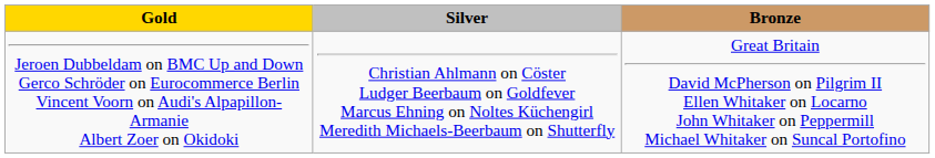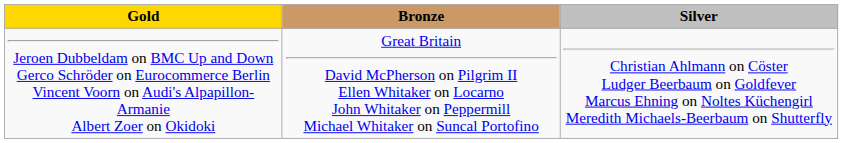 <table class="wikitable">
 <tr>
 <th width=285 style="background:gold">Gold</th>
+<th width=285 style="background:#cc9966">Bronze</th>
 <th width=285 style="background:silver">Silver</th>
-<th width=285 style="background:#cc9966">Bronze</th>
 </tr>
 <tr>
 <td align="center"><hr><a href='#'>Jeroen Dubbeldam</a> on <a href='#'>BMC Up and Down</a><br><a href='#'>Gerco Schröder</a> on <a href='#'>Eurocommerce Berlin</a><br><a href='#'>Vincent Voorn</a> on <a href='#'>Audi's Alpapillon-Armanie</a><br><a href='#'>Albert Zoer</a> on <a href='#'>Okidoki</a></td>
+<td align="center"> <a href='#'>Great Britain</a><hr><a href='#'>David McPherson</a> on <a href='#'>Pilgrim II</a><br><a href='#'>Ellen Whitaker</a> on <a href='#'>Locarno</a><br><a href='#'>John Whitaker</a> on <a href='#'>Peppermill</a><br><a href='#'>Michael Whitaker</a> on <a href='#'>Suncal Portofino</a></td>
 <td align="center"><hr><a href='#'>Christian Ahlmann</a> on <a href='#'>Cöster</a><br><a href='#'>Ludger Beerbaum</a> on <a href='#'>Goldfever</a><br><a href='#'>Marcus Ehning</a> on <a href='#'>Noltes Küchengirl</a><br><a href='#'>Meredith Michaels-Beerbaum</a> on <a href='#'>Shutterfly</a></td>
-<td align="center"> <a href='#'>Great Britain</a><hr><a href='#'>David McPherson</a> on <a href='#'>Pilgrim II</a><br><a href='#'>Ellen Whitaker</a> on <a href='#'>Locarno</a><br><a href='#'>John Whitaker</a> on <a href='#'>Peppermill</a><br><a href='#'>Michael Whitaker</a> on <a href='#'>Suncal Portofino</a></td>
 </tr>
 </table>
